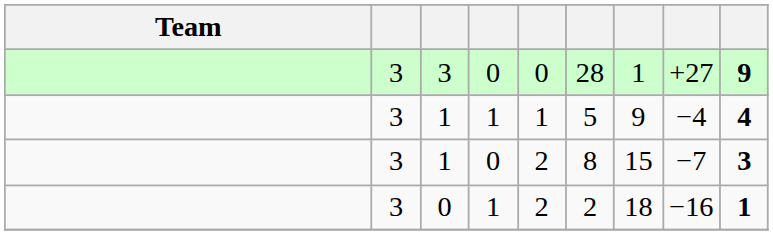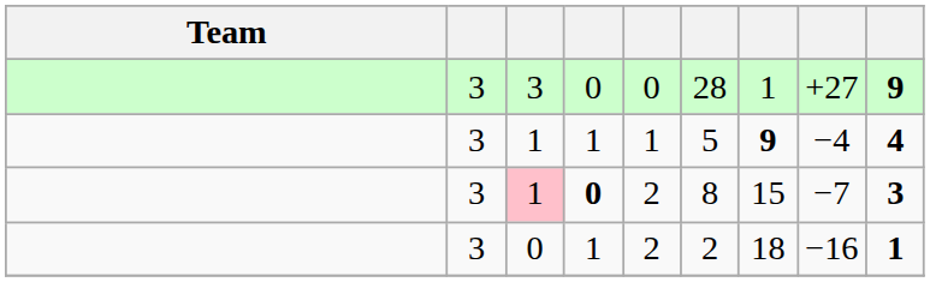 <table class=wikitable style="text-align:center">
 <tr>
 <th width=200>Team</th>
 <th width=20></th>
 <th width=20></th>
 <th width=20></th>
 <th width=20></th>
 <th width=20></th>
 <th width=20></th>
 <th width=20></th>
 <th width=20></th>
 </tr>
 <tr bgcolor=ccffcc>
 <td style="text-align:left"></td>
 <td>3</td>
 <td>3</td>
 <td>0</td>
 <td>0</td>
 <td>28</td>
 <td>1</td>
 <td>+27</td>
 <td><strong>9</strong></td>
 </tr>
 <tr>
 <td style="text-align:left"></td>
 <td>3</td>
 <td>1</td>
 <td>1</td>
 <td>1</td>
 <td>5</td>
-<td>9</td>
+<td><strong>9</strong></td>
 <td>−4</td>
 <td><strong>4</strong></td>
 </tr>
 <tr>
 <td style="text-align:left"></td>
 <td>3</td>
-<td>1</td>
-<td>0</td>
+<td style="background: pink;">1</td>
+<td><strong>0</strong></td>
 <td>2</td>
 <td>8</td>
 <td>15</td>
 <td>−7</td>
 <td><strong>3</strong></td>
 </tr>
 <tr>
 <td align=left></td>
 <td>3</td>
 <td>0</td>
 <td>1</td>
 <td>2</td>
 <td>2</td>
 <td>18</td>
 <td>−16</td>
 <td><strong>1</strong></td>
 </tr>
 <tr>
 </tr>
 </table>
